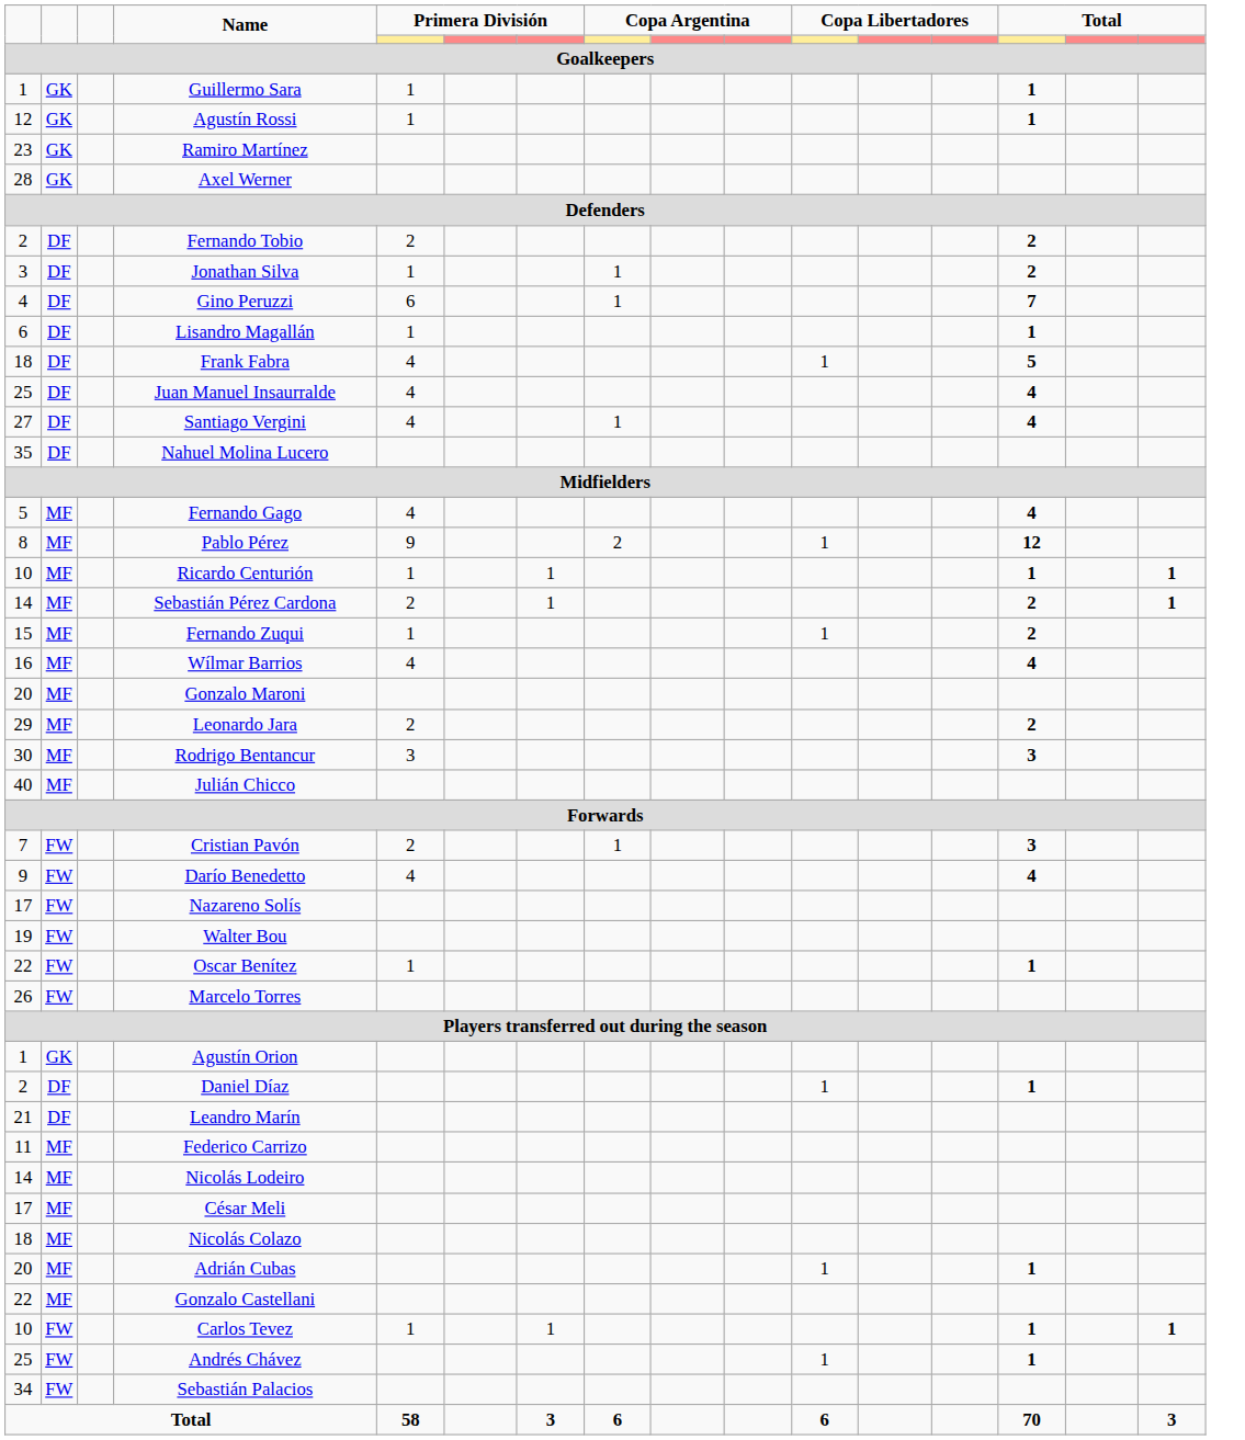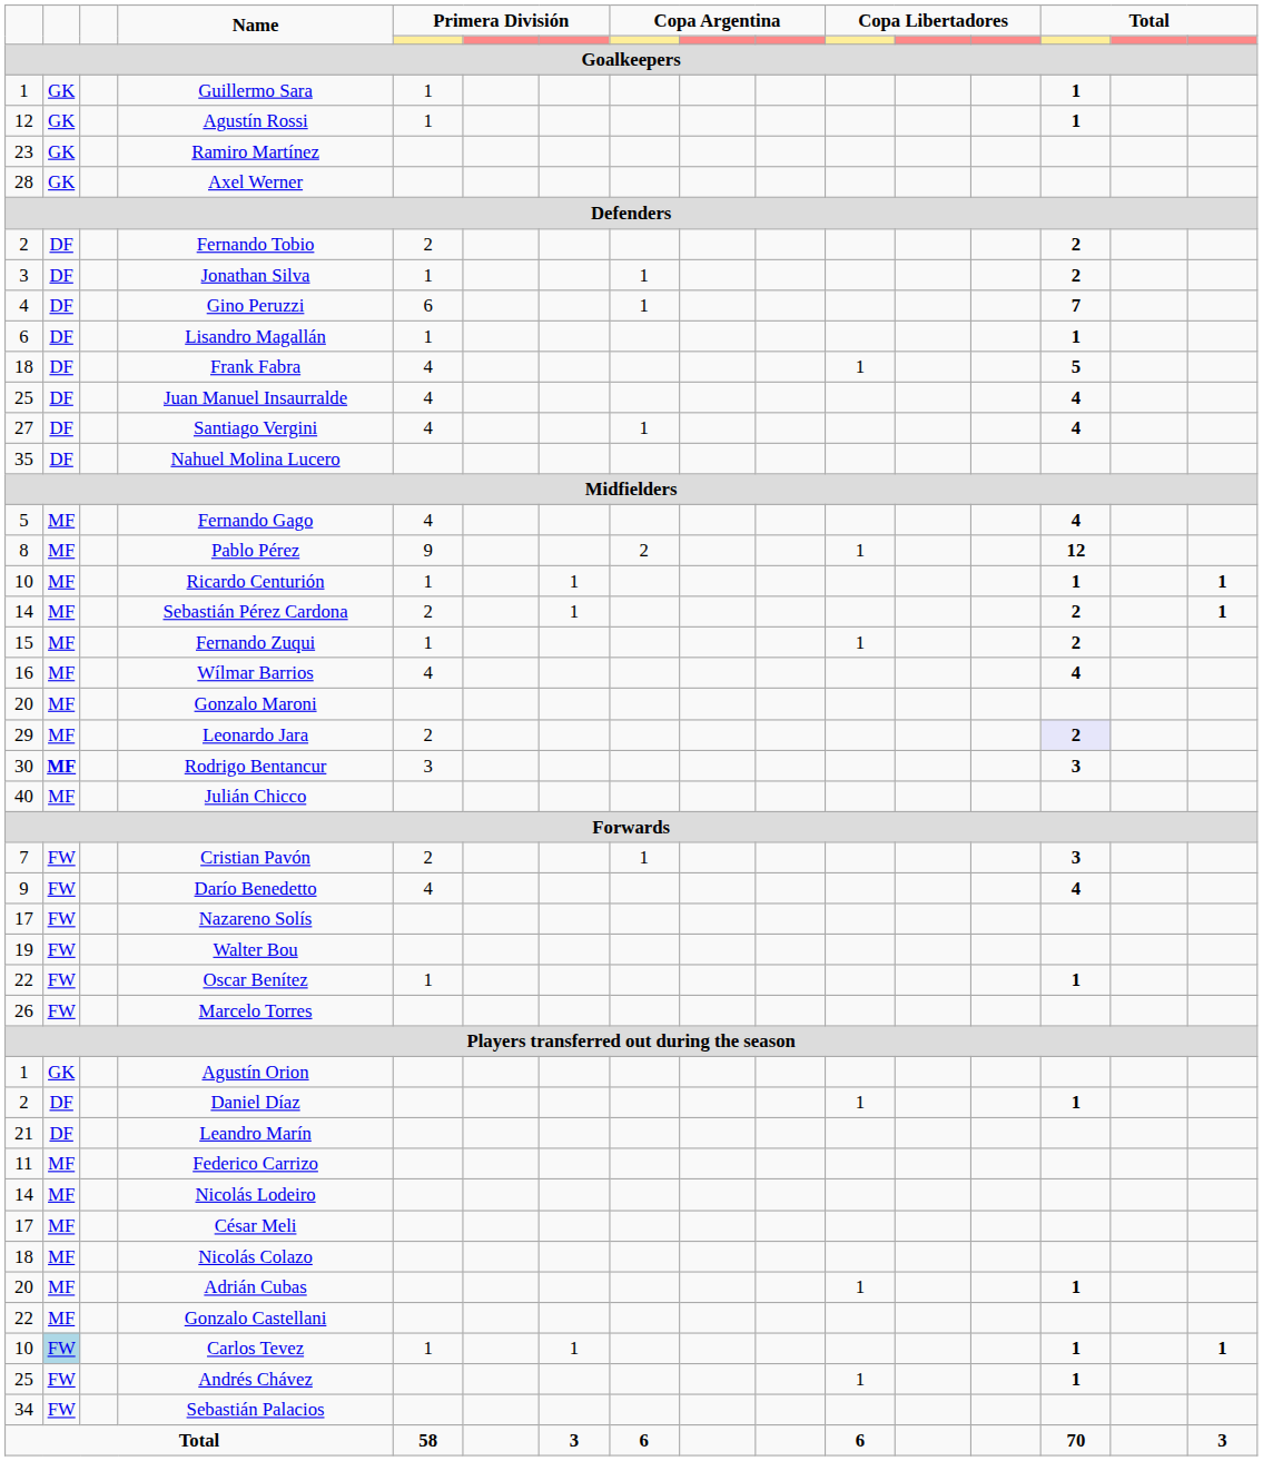 <table class="wikitable" style="font-size: 95%; text-align: center;">
 <tr>
 <td rowspan="2"  style="width:3%; text-align:center;"><strong></strong></td>
 <td rowspan="2"  style="width:3%; text-align:center;"><strong></strong></td>
 <td rowspan="2"  style="width:3%; text-align:center;"><strong></strong></td>
 <td rowspan="2"  style="width:22%; text-align:center;"><strong>Name</strong></td>
 <td colspan="3" style="text-align:center;"><strong>Primera División</strong></td>
 <td colspan="3" style="text-align:center;"><strong>Copa Argentina</strong></td>
 <td colspan="3" style="text-align:center;"><strong>Copa Libertadores</strong></td>
 <td colspan="3" style="text-align:center;"><strong>Total</strong></td>
 </tr>
 <tr>
 <th style="width:25px; background:#fe9;"></th>
 <th style="width:28px; background:#ff8888;"></th>
 <th style="width:25px; background:#ff8888;"></th>
 <th style="width:25px; background:#fe9;"></th>
 <th style="width:28px; background:#ff8888;"></th>
 <th style="width:25px; background:#ff8888;"></th>
 <th style="width:25px; background:#fe9;"></th>
 <th style="width:28px; background:#ff8888;"></th>
 <th style="width:25px; background:#ff8888;"></th>
 <th style="width:25px; background:#fe9;"></th>
 <th style="width:28px; background:#ff8888;"></th>
 <th style="width:25px; background:#ff8888;"></th>
 </tr>
 <tr>
 <th colspan="16" style="background:#dcdcdc; text-align:center">Goalkeepers</th>
 </tr>
 <tr>
 <td>1</td>
 <td><a href='#'>GK</a></td>
 <td></td>
 <td><a href='#'>Guillermo Sara</a></td>
 <td>1</td>
 <td></td>
 <td></td>
 <td></td>
 <td></td>
 <td></td>
 <td></td>
 <td></td>
 <td></td>
 <td><strong>1</strong></td>
 <td></td>
 <td></td>
 </tr>
 <tr>
 <td>12</td>
 <td><a href='#'>GK</a></td>
 <td></td>
 <td><a href='#'>Agustín Rossi</a></td>
 <td>1</td>
 <td></td>
 <td></td>
 <td></td>
 <td></td>
 <td></td>
 <td></td>
 <td></td>
 <td></td>
 <td><strong>1</strong></td>
 <td></td>
 <td></td>
 </tr>
 <tr>
 <td>23</td>
 <td><a href='#'>GK</a></td>
 <td></td>
 <td><a href='#'>Ramiro Martínez</a></td>
 <td></td>
 <td></td>
 <td></td>
 <td></td>
 <td></td>
 <td></td>
 <td></td>
 <td></td>
 <td></td>
 <td></td>
 <td></td>
 <td></td>
 </tr>
 <tr>
 <td>28</td>
 <td><a href='#'>GK</a></td>
 <td></td>
 <td><a href='#'>Axel Werner</a></td>
 <td></td>
 <td></td>
 <td></td>
 <td></td>
 <td></td>
 <td></td>
 <td></td>
 <td></td>
 <td></td>
 <td></td>
 <td></td>
 <td></td>
 </tr>
 <tr>
 <th colspan="16" style="background:#dcdcdc; text-align:center">Defenders</th>
 </tr>
 <tr>
 <td>2</td>
 <td><a href='#'>DF</a></td>
 <td></td>
 <td><a href='#'>Fernando Tobio</a></td>
 <td>2</td>
 <td></td>
 <td></td>
 <td></td>
 <td></td>
 <td></td>
 <td></td>
 <td></td>
 <td></td>
 <td><strong>2</strong></td>
 <td></td>
 <td></td>
 </tr>
 <tr>
 <td>3</td>
 <td><a href='#'>DF</a></td>
 <td></td>
 <td><a href='#'>Jonathan Silva</a></td>
 <td>1</td>
 <td></td>
 <td></td>
 <td>1</td>
 <td></td>
 <td></td>
 <td></td>
 <td></td>
 <td></td>
 <td><strong>2</strong></td>
 <td></td>
 <td></td>
 </tr>
 <tr>
 <td>4</td>
 <td><a href='#'>DF</a></td>
 <td></td>
 <td><a href='#'>Gino Peruzzi</a></td>
 <td>6</td>
 <td></td>
 <td></td>
 <td>1</td>
 <td></td>
 <td></td>
 <td></td>
 <td></td>
 <td></td>
 <td><strong>7</strong></td>
 <td></td>
 <td></td>
 </tr>
 <tr>
 <td>6</td>
 <td><a href='#'>DF</a></td>
 <td></td>
 <td><a href='#'>Lisandro Magallán</a></td>
 <td>1</td>
 <td></td>
 <td></td>
 <td></td>
 <td></td>
 <td></td>
 <td></td>
 <td></td>
 <td></td>
 <td><strong>1</strong></td>
 <td></td>
 <td></td>
 </tr>
 <tr>
 <td>18</td>
 <td><a href='#'>DF</a></td>
 <td></td>
 <td><a href='#'>Frank Fabra</a></td>
 <td>4</td>
 <td></td>
 <td></td>
 <td></td>
 <td></td>
 <td></td>
 <td>1</td>
 <td></td>
 <td></td>
 <td><strong>5</strong></td>
 <td></td>
 <td></td>
 </tr>
 <tr>
 <td>25</td>
 <td><a href='#'>DF</a></td>
 <td></td>
 <td><a href='#'>Juan Manuel Insaurralde</a></td>
 <td>4</td>
 <td></td>
 <td></td>
 <td></td>
 <td></td>
 <td></td>
 <td></td>
 <td></td>
 <td></td>
 <td><strong>4</strong></td>
 <td></td>
 <td></td>
 </tr>
 <tr>
 <td>27</td>
 <td><a href='#'>DF</a></td>
 <td></td>
 <td><a href='#'>Santiago Vergini</a></td>
 <td>4</td>
 <td></td>
 <td></td>
 <td>1</td>
 <td></td>
 <td></td>
 <td></td>
 <td></td>
 <td></td>
 <td><strong>4</strong></td>
 <td></td>
 <td></td>
 </tr>
 <tr>
 <td>35</td>
 <td><a href='#'>DF</a></td>
 <td></td>
 <td><a href='#'>Nahuel Molina Lucero</a></td>
 <td></td>
 <td></td>
 <td></td>
 <td></td>
 <td></td>
 <td></td>
 <td></td>
 <td></td>
 <td></td>
 <td></td>
 <td></td>
 <td></td>
 </tr>
 <tr>
 <th colspan="16" style="background:#dcdcdc; text-align:center">Midfielders</th>
 </tr>
 <tr>
 <td>5</td>
 <td><a href='#'>MF</a></td>
 <td></td>
 <td><a href='#'>Fernando Gago</a></td>
 <td>4</td>
 <td></td>
 <td></td>
 <td></td>
 <td></td>
 <td></td>
 <td></td>
 <td></td>
 <td></td>
 <td><strong>4</strong></td>
 <td></td>
 <td></td>
 </tr>
 <tr>
 <td>8</td>
 <td><a href='#'>MF</a></td>
 <td></td>
 <td><a href='#'>Pablo Pérez</a></td>
 <td>9</td>
 <td></td>
 <td></td>
 <td>2</td>
 <td></td>
 <td></td>
 <td>1</td>
 <td></td>
 <td></td>
 <td><strong>12</strong></td>
 <td></td>
 <td></td>
 </tr>
 <tr>
 <td>10</td>
 <td><a href='#'>MF</a></td>
 <td></td>
 <td><a href='#'>Ricardo Centurión</a></td>
 <td>1</td>
 <td></td>
 <td>1</td>
 <td></td>
 <td></td>
 <td></td>
 <td></td>
 <td></td>
 <td></td>
 <td><strong>1</strong></td>
 <td></td>
 <td><strong>1</strong></td>
 </tr>
 <tr>
 <td>14</td>
 <td><a href='#'>MF</a></td>
 <td></td>
 <td><a href='#'>Sebastián Pérez Cardona</a></td>
 <td>2</td>
 <td></td>
 <td>1</td>
 <td></td>
 <td></td>
 <td></td>
 <td></td>
 <td></td>
 <td></td>
 <td><strong>2</strong></td>
 <td></td>
 <td><strong>1</strong></td>
 </tr>
 <tr>
 <td>15</td>
 <td><a href='#'>MF</a></td>
 <td></td>
 <td><a href='#'>Fernando Zuqui</a></td>
 <td>1</td>
 <td></td>
 <td></td>
 <td></td>
 <td></td>
 <td></td>
 <td>1</td>
 <td></td>
 <td></td>
 <td><strong>2</strong></td>
 <td></td>
 <td></td>
 </tr>
 <tr>
 <td>16</td>
 <td><a href='#'>MF</a></td>
 <td></td>
 <td><a href='#'>Wílmar Barrios</a></td>
 <td>4</td>
 <td></td>
 <td></td>
 <td></td>
 <td></td>
 <td></td>
 <td></td>
 <td></td>
 <td></td>
 <td><strong>4</strong></td>
 <td></td>
 <td></td>
 </tr>
 <tr>
 <td>20</td>
 <td><a href='#'>MF</a></td>
 <td></td>
 <td><a href='#'>Gonzalo Maroni</a></td>
 <td></td>
 <td></td>
 <td></td>
 <td></td>
 <td></td>
 <td></td>
 <td></td>
 <td></td>
 <td></td>
 <td></td>
 <td></td>
 <td></td>
 </tr>
 <tr>
 <td>29</td>
 <td><a href='#'>MF</a></td>
 <td></td>
 <td><a href='#'>Leonardo Jara</a></td>
 <td>2</td>
 <td></td>
 <td></td>
 <td></td>
 <td></td>
 <td></td>
 <td></td>
 <td></td>
 <td></td>
-<td><strong>2</strong></td>
+<td style="background: lavender;"><strong>2</strong></td>
 <td></td>
 <td></td>
 </tr>
 <tr>
 <td>30</td>
-<td><a href='#'>MF</a></td>
+<td><strong><a href='#'>MF</a></strong></td>
 <td></td>
 <td><a href='#'>Rodrigo Bentancur</a></td>
 <td>3</td>
 <td></td>
 <td></td>
 <td></td>
 <td></td>
 <td></td>
 <td></td>
 <td></td>
 <td></td>
 <td><strong>3</strong></td>
 <td></td>
 <td></td>
 </tr>
 <tr>
 <td>40</td>
 <td><a href='#'>MF</a></td>
 <td></td>
 <td><a href='#'>Julián Chicco</a></td>
 <td></td>
 <td></td>
 <td></td>
 <td></td>
 <td></td>
 <td></td>
 <td></td>
 <td></td>
 <td></td>
 <td></td>
 <td></td>
 <td></td>
 </tr>
 <tr>
 <th colspan="16" style="background:#dcdcdc; text-align:center">Forwards</th>
 </tr>
 <tr>
 <td>7</td>
 <td><a href='#'>FW</a></td>
 <td></td>
 <td><a href='#'>Cristian Pavón</a></td>
 <td>2</td>
 <td></td>
 <td></td>
 <td>1</td>
 <td></td>
 <td></td>
 <td></td>
 <td></td>
 <td></td>
 <td><strong>3</strong></td>
 <td></td>
 <td></td>
 </tr>
 <tr>
 <td>9</td>
 <td><a href='#'>FW</a></td>
 <td></td>
 <td><a href='#'>Darío Benedetto</a></td>
 <td>4</td>
 <td></td>
 <td></td>
 <td></td>
 <td></td>
 <td></td>
 <td></td>
 <td></td>
 <td></td>
 <td><strong>4</strong></td>
 <td></td>
 <td></td>
 </tr>
 <tr>
 <td>17</td>
 <td><a href='#'>FW</a></td>
 <td></td>
 <td><a href='#'>Nazareno Solís</a></td>
 <td></td>
 <td></td>
 <td></td>
 <td></td>
 <td></td>
 <td></td>
 <td></td>
 <td></td>
 <td></td>
 <td></td>
 <td></td>
 <td></td>
 </tr>
 <tr>
 <td>19</td>
 <td><a href='#'>FW</a></td>
 <td></td>
 <td><a href='#'>Walter Bou</a></td>
 <td></td>
 <td></td>
 <td></td>
 <td></td>
 <td></td>
 <td></td>
 <td></td>
 <td></td>
 <td></td>
 <td></td>
 <td></td>
 <td></td>
 </tr>
 <tr>
 <td>22</td>
 <td><a href='#'>FW</a></td>
 <td></td>
 <td><a href='#'>Oscar Benítez</a></td>
 <td>1</td>
 <td></td>
 <td></td>
 <td></td>
 <td></td>
 <td></td>
 <td></td>
 <td></td>
 <td></td>
 <td><strong>1</strong></td>
 <td></td>
 <td></td>
 </tr>
 <tr>
 <td>26</td>
 <td><a href='#'>FW</a></td>
 <td></td>
 <td><a href='#'>Marcelo Torres</a></td>
 <td></td>
 <td></td>
 <td></td>
 <td></td>
 <td></td>
 <td></td>
 <td></td>
 <td></td>
 <td></td>
 <td></td>
 <td></td>
 <td></td>
 </tr>
 <tr>
 <th colspan="19" style="background:#dcdcdc; text-align:center">Players transferred out during the season</th>
 </tr>
 <tr>
 <td>1</td>
 <td><a href='#'>GK</a></td>
 <td></td>
 <td><a href='#'>Agustín Orion</a></td>
 <td></td>
 <td></td>
 <td></td>
 <td></td>
 <td></td>
 <td></td>
 <td></td>
 <td></td>
 <td></td>
 <td></td>
 <td></td>
 <td></td>
 </tr>
 <tr>
 <td>2</td>
 <td><a href='#'>DF</a></td>
 <td></td>
 <td><a href='#'>Daniel Díaz</a></td>
 <td></td>
 <td></td>
 <td></td>
 <td></td>
 <td></td>
 <td></td>
 <td>1</td>
 <td></td>
 <td></td>
 <td><strong>1</strong></td>
 <td></td>
 <td></td>
 </tr>
 <tr>
 <td>21</td>
 <td><a href='#'>DF</a></td>
 <td></td>
 <td><a href='#'>Leandro Marín</a></td>
 <td></td>
 <td></td>
 <td></td>
 <td></td>
 <td></td>
 <td></td>
 <td></td>
 <td></td>
 <td></td>
 <td></td>
 <td></td>
 <td></td>
 </tr>
 <tr>
 <td>11</td>
 <td><a href='#'>MF</a></td>
 <td></td>
 <td><a href='#'>Federico Carrizo</a></td>
 <td></td>
 <td></td>
 <td></td>
 <td></td>
 <td></td>
 <td></td>
 <td></td>
 <td></td>
 <td></td>
 <td></td>
 <td></td>
 <td></td>
 </tr>
 <tr>
 <td>14</td>
 <td><a href='#'>MF</a></td>
 <td></td>
 <td><a href='#'>Nicolás Lodeiro</a></td>
 <td></td>
 <td></td>
 <td></td>
 <td></td>
 <td></td>
 <td></td>
 <td></td>
 <td></td>
 <td></td>
 <td></td>
 <td></td>
 <td></td>
 </tr>
 <tr>
 <td>17</td>
 <td><a href='#'>MF</a></td>
 <td></td>
 <td><a href='#'>César Meli</a></td>
 <td></td>
 <td></td>
 <td></td>
 <td></td>
 <td></td>
 <td></td>
 <td></td>
 <td></td>
 <td></td>
 <td></td>
 <td></td>
 <td></td>
 </tr>
 <tr>
 <td>18</td>
 <td><a href='#'>MF</a></td>
 <td></td>
 <td><a href='#'>Nicolás Colazo</a></td>
 <td></td>
 <td></td>
 <td></td>
 <td></td>
 <td></td>
 <td></td>
 <td></td>
 <td></td>
 <td></td>
 <td></td>
 <td></td>
 <td></td>
 </tr>
 <tr>
 <td>20</td>
 <td><a href='#'>MF</a></td>
 <td></td>
 <td><a href='#'>Adrián Cubas</a></td>
 <td></td>
 <td></td>
 <td></td>
 <td></td>
 <td></td>
 <td></td>
 <td>1</td>
 <td></td>
 <td></td>
 <td><strong>1</strong></td>
 <td></td>
 <td></td>
 </tr>
 <tr>
 <td>22</td>
 <td><a href='#'>MF</a></td>
 <td></td>
 <td><a href='#'>Gonzalo Castellani</a></td>
 <td></td>
 <td></td>
 <td></td>
 <td></td>
 <td></td>
 <td></td>
 <td></td>
 <td></td>
 <td></td>
 <td></td>
 <td></td>
 <td></td>
 </tr>
 <tr>
 <td>10</td>
-<td><a href='#'>FW</a></td>
+<td style="background: lightblue;"><a href='#'>FW</a></td>
 <td></td>
 <td><a href='#'>Carlos Tevez</a></td>
 <td>1</td>
 <td></td>
 <td>1</td>
 <td></td>
 <td></td>
 <td></td>
 <td></td>
 <td></td>
 <td></td>
 <td><strong>1</strong></td>
 <td></td>
 <td><strong>1</strong></td>
 </tr>
 <tr>
 <td>25</td>
 <td><a href='#'>FW</a></td>
 <td></td>
 <td><a href='#'>Andrés Chávez</a></td>
 <td></td>
 <td></td>
 <td></td>
 <td></td>
 <td></td>
 <td></td>
 <td>1</td>
 <td></td>
 <td></td>
 <td><strong>1</strong></td>
 <td></td>
 <td></td>
 </tr>
 <tr>
 <td>34</td>
 <td><a href='#'>FW</a></td>
 <td></td>
 <td><a href='#'>Sebastián Palacios</a></td>
 <td></td>
 <td></td>
 <td></td>
 <td></td>
 <td></td>
 <td></td>
 <td></td>
 <td></td>
 <td></td>
 <td></td>
 <td></td>
 <td></td>
 </tr>
 <tr>
 <td colspan=4><strong>Total</strong></td>
 <td><strong>58</strong></td>
 <td></td>
 <td><strong>3</strong></td>
 <td><strong>6</strong></td>
 <td></td>
 <td></td>
 <td><strong>6</strong></td>
 <td></td>
 <td></td>
 <td><strong>70</strong></td>
 <td></td>
 <td><strong>3</strong></td>
 </tr>
 </table>
